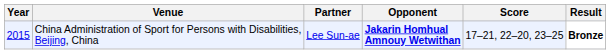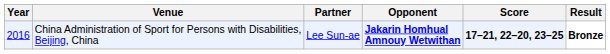 <table class="sortable wikitable" style="font-size: 90%;">
 <tr>
 <th>Year</th>
 <th>Venue</th>
 <th>Partner</th>
 <th>Opponent</th>
 <th>Score</th>
 <th>Result</th>
 </tr>
 <tr style="background:#ECF2FF">
-<td align="center"><a href='#'>2015</a></td>
+<td align="center"><a href='#'>2016</a></td>
 <td align="left">China Administration of Sport for Persons with Disabilities,<br><a href='#'>Beijing</a>, China</td>
 <td align="left">  <a href='#'>Lee Sun-ae</a></td>
 <td align="left"><strong> <a href='#'>Jakarin Homhual</a><br> <a href='#'>Amnouy Wetwithan</a></strong></td>
-<td align="left">17–21, 22–20, 23–25</td>
+<td align="left"><strong>17–21, 22–20, 23–25</strong></td>
 <td style="text-align:left; background:white"> <strong>Bronze</strong></td>
 </tr>
 </table>
